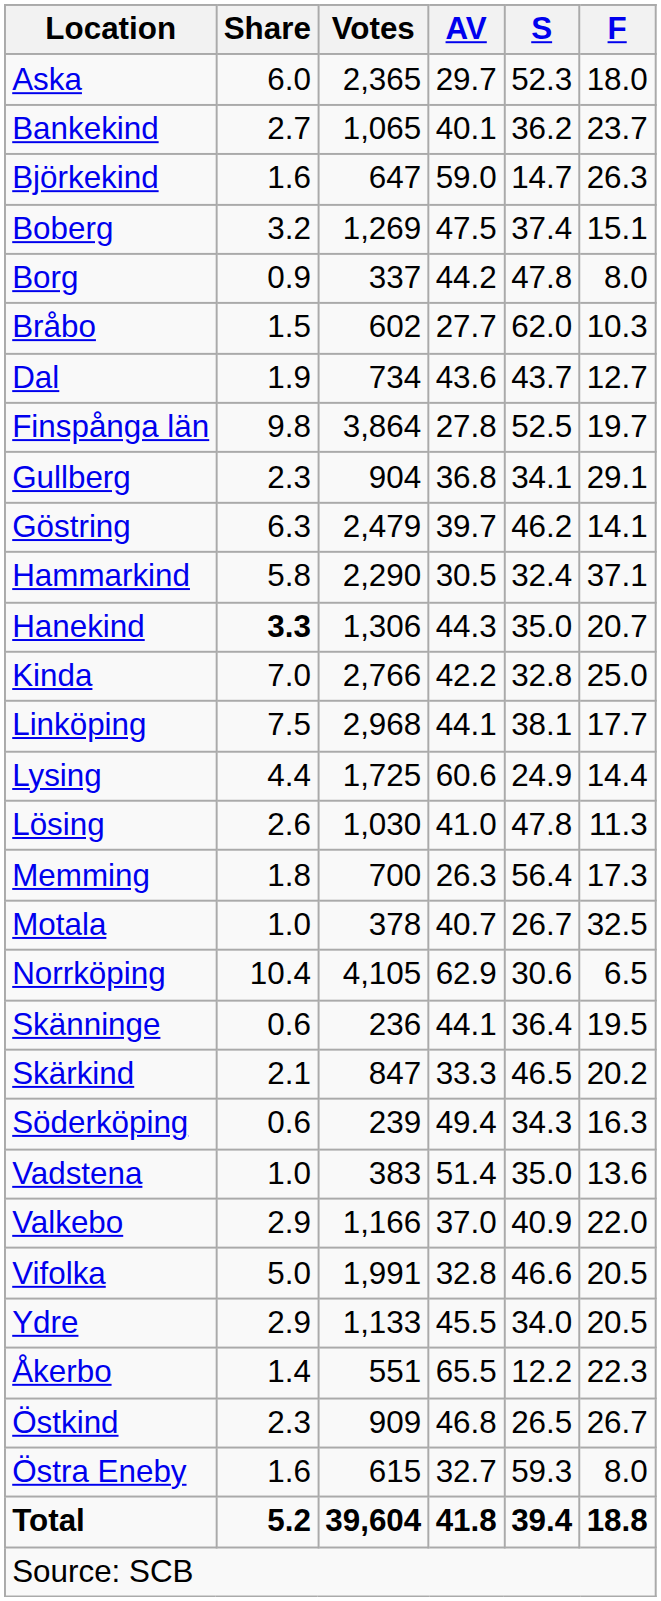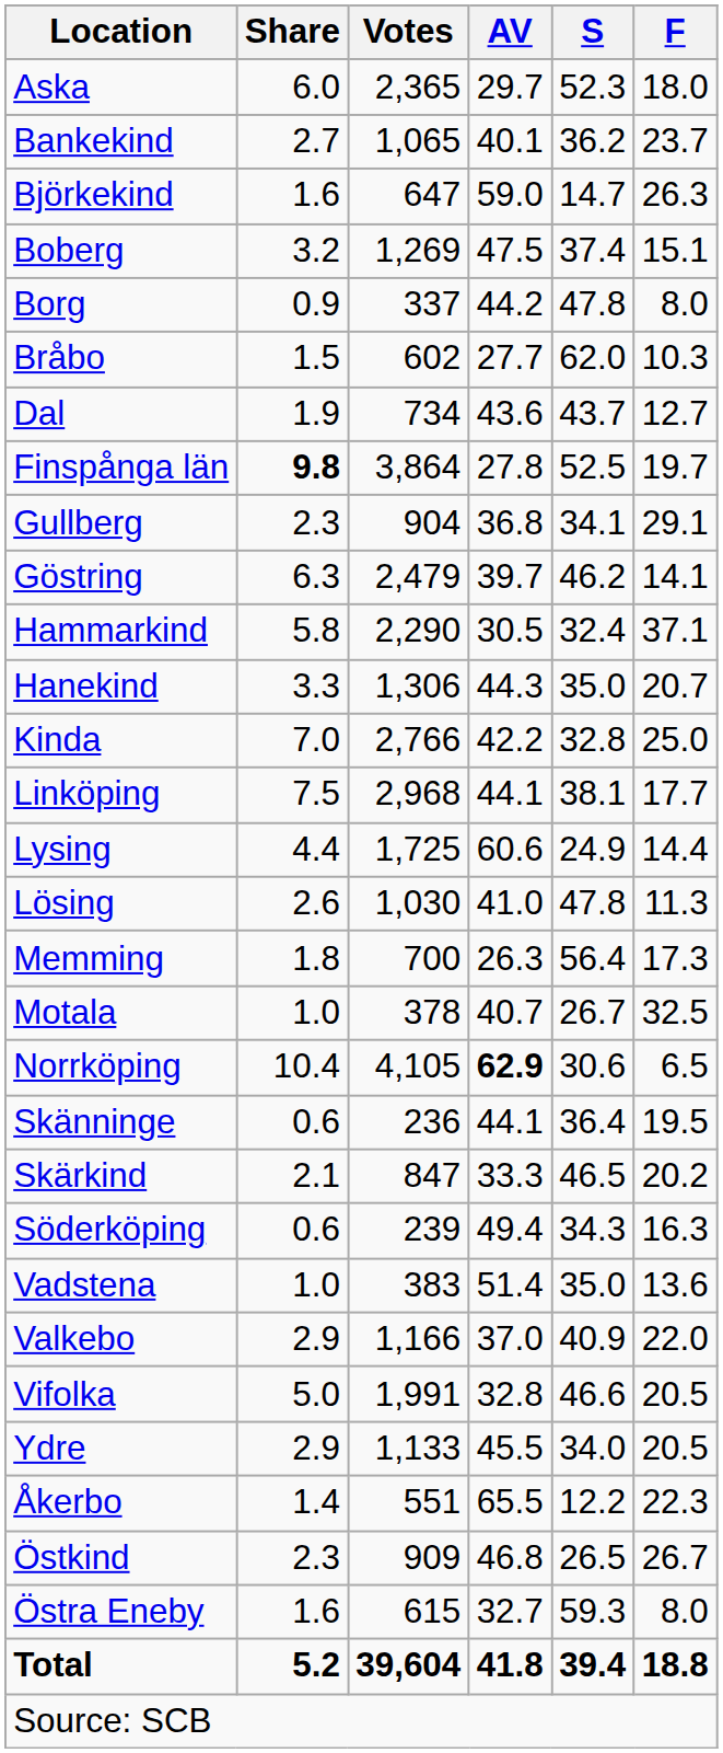 <table class="wikitable sortable" style=text-align:right>
 <tr>
 <th>Location</th>
 <th>Share</th>
 <th>Votes</th>
 <th><a href='#'>AV</a></th>
 <th><a href='#'>S</a></th>
 <th><a href='#'>F</a></th>
 </tr>
 <tr>
 <td align=left><a href='#'>Aska</a></td>
 <td>6.0</td>
 <td>2,365</td>
 <td>29.7</td>
 <td>52.3</td>
 <td>18.0</td>
 </tr>
 <tr>
 <td align=left><a href='#'>Bankekind</a></td>
 <td>2.7</td>
 <td>1,065</td>
 <td>40.1</td>
 <td>36.2</td>
 <td>23.7</td>
 </tr>
 <tr>
 <td align=left><a href='#'>Björkekind</a></td>
 <td>1.6</td>
 <td>647</td>
 <td>59.0</td>
 <td>14.7</td>
 <td>26.3</td>
 </tr>
 <tr>
 <td align=left><a href='#'>Boberg</a></td>
 <td>3.2</td>
 <td>1,269</td>
 <td>47.5</td>
 <td>37.4</td>
 <td>15.1</td>
 </tr>
 <tr>
 <td align=left><a href='#'>Borg</a></td>
 <td>0.9</td>
 <td>337</td>
 <td>44.2</td>
 <td>47.8</td>
 <td>8.0</td>
 </tr>
 <tr>
 <td align=left><a href='#'>Bråbo</a></td>
 <td>1.5</td>
 <td>602</td>
 <td>27.7</td>
 <td>62.0</td>
 <td>10.3</td>
 </tr>
 <tr>
 <td align=left><a href='#'>Dal</a></td>
 <td>1.9</td>
 <td>734</td>
 <td>43.6</td>
 <td>43.7</td>
 <td>12.7</td>
 </tr>
 <tr>
 <td align=left><a href='#'>Finspånga län</a></td>
-<td>9.8</td>
+<td><strong>9.8</strong></td>
 <td>3,864</td>
 <td>27.8</td>
 <td>52.5</td>
 <td>19.7</td>
 </tr>
 <tr>
 <td align=left><a href='#'>Gullberg</a></td>
 <td>2.3</td>
 <td>904</td>
 <td>36.8</td>
 <td>34.1</td>
 <td>29.1</td>
 </tr>
 <tr>
 <td align=left><a href='#'>Göstring</a></td>
 <td>6.3</td>
 <td>2,479</td>
 <td>39.7</td>
 <td>46.2</td>
 <td>14.1</td>
 </tr>
 <tr>
 <td align=left><a href='#'>Hammarkind</a></td>
 <td>5.8</td>
 <td>2,290</td>
 <td>30.5</td>
 <td>32.4</td>
 <td>37.1</td>
 </tr>
 <tr>
 <td align=left><a href='#'>Hanekind</a></td>
-<td><strong>3.3</strong></td>
+<td>3.3</td>
 <td>1,306</td>
 <td>44.3</td>
 <td>35.0</td>
 <td>20.7</td>
 </tr>
 <tr>
 <td align=left><a href='#'>Kinda</a></td>
 <td>7.0</td>
 <td>2,766</td>
 <td>42.2</td>
 <td>32.8</td>
 <td>25.0</td>
 </tr>
 <tr>
 <td align=left><a href='#'>Linköping</a></td>
 <td>7.5</td>
 <td>2,968</td>
 <td>44.1</td>
 <td>38.1</td>
 <td>17.7</td>
 </tr>
 <tr>
 <td align=left><a href='#'>Lysing</a></td>
 <td>4.4</td>
 <td>1,725</td>
 <td>60.6</td>
 <td>24.9</td>
 <td>14.4</td>
 </tr>
 <tr>
 <td align=left><a href='#'>Lösing</a></td>
 <td>2.6</td>
 <td>1,030</td>
 <td>41.0</td>
 <td>47.8</td>
 <td>11.3</td>
 </tr>
 <tr>
 <td align=left><a href='#'>Memming</a></td>
 <td>1.8</td>
 <td>700</td>
 <td>26.3</td>
 <td>56.4</td>
 <td>17.3</td>
 </tr>
 <tr>
 <td align=left><a href='#'>Motala</a></td>
 <td>1.0</td>
 <td>378</td>
 <td>40.7</td>
 <td>26.7</td>
 <td>32.5</td>
 </tr>
 <tr>
 <td align=left><a href='#'>Norrköping</a></td>
 <td>10.4</td>
 <td>4,105</td>
-<td>62.9</td>
+<td><strong>62.9</strong></td>
 <td>30.6</td>
 <td>6.5</td>
 </tr>
 <tr>
 <td align=left><a href='#'>Skänninge</a></td>
 <td>0.6</td>
 <td>236</td>
 <td>44.1</td>
 <td>36.4</td>
 <td>19.5</td>
 </tr>
 <tr>
 <td align=left><a href='#'>Skärkind</a></td>
 <td>2.1</td>
 <td>847</td>
 <td>33.3</td>
 <td>46.5</td>
 <td>20.2</td>
 </tr>
 <tr>
 <td align=left><a href='#'>Söderköping</a></td>
 <td>0.6</td>
 <td>239</td>
 <td>49.4</td>
 <td>34.3</td>
 <td>16.3</td>
 </tr>
 <tr>
 <td align=left><a href='#'>Vadstena</a></td>
 <td>1.0</td>
 <td>383</td>
 <td>51.4</td>
 <td>35.0</td>
 <td>13.6</td>
 </tr>
 <tr>
 <td align=left><a href='#'>Valkebo</a></td>
 <td>2.9</td>
 <td>1,166</td>
 <td>37.0</td>
 <td>40.9</td>
 <td>22.0</td>
 </tr>
 <tr>
 <td align=left><a href='#'>Vifolka</a></td>
 <td>5.0</td>
 <td>1,991</td>
 <td>32.8</td>
 <td>46.6</td>
 <td>20.5</td>
 </tr>
 <tr>
 <td align=left><a href='#'>Ydre</a></td>
 <td>2.9</td>
 <td>1,133</td>
 <td>45.5</td>
 <td>34.0</td>
 <td>20.5</td>
 </tr>
 <tr>
 <td align=left><a href='#'>Åkerbo</a></td>
 <td>1.4</td>
 <td>551</td>
 <td>65.5</td>
 <td>12.2</td>
 <td>22.3</td>
 </tr>
 <tr>
 <td align=left><a href='#'>Östkind</a></td>
 <td>2.3</td>
 <td>909</td>
 <td>46.8</td>
 <td>26.5</td>
 <td>26.7</td>
 </tr>
 <tr>
 <td align=left><a href='#'>Östra Eneby</a></td>
 <td>1.6</td>
 <td>615</td>
 <td>32.7</td>
 <td>59.3</td>
 <td>8.0</td>
 </tr>
 <tr>
 <td align=left><strong>Total</strong></td>
 <td><strong>5.2</strong></td>
 <td><strong>39,604</strong></td>
 <td><strong>41.8</strong></td>
 <td><strong>39.4</strong></td>
 <td><strong>18.8</strong></td>
 </tr>
 <tr>
 <td align=left colspan=6>Source: SCB </td>
 </tr>
 </table>
